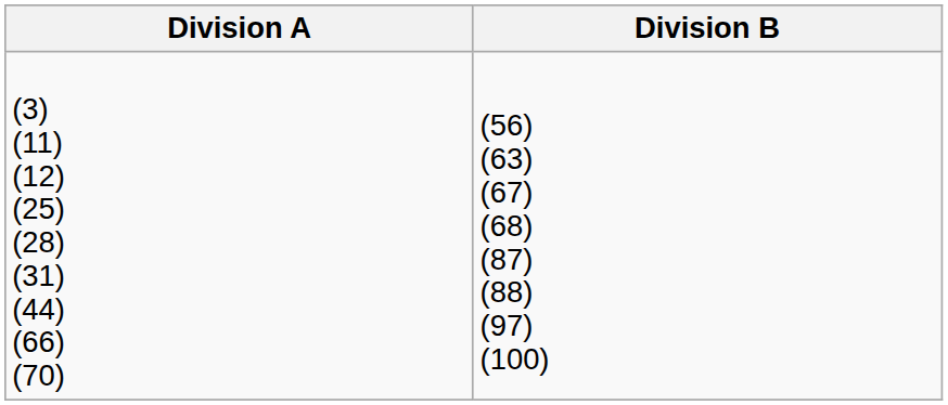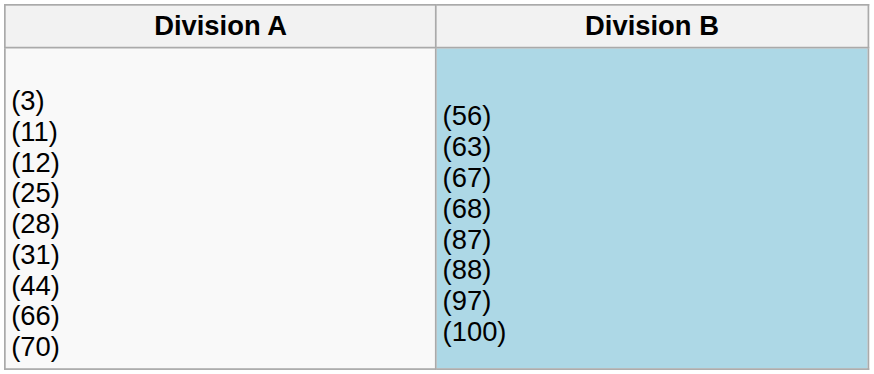 <table class="wikitable" width="40%">
 <tr>
 <th width="50%">Division A</th>
 <th width="50%">Division B</th>
 </tr>
 <tr>
 <td><br> (3)<br>  (11)<br>  (12)<br>  (25)<br>  (28)<br>  (31)<br>  (44)<br>  (66)<br>  (70)<br></td>
-<td><br> (56)<br>  (63)<br>  (67)<br>  (68)<br>  (87)<br>  (88)<br>  (97)<br>  (100)<br></td>
+<td style="background: lightblue;"><br> (56)<br>  (63)<br>  (67)<br>  (68)<br>  (87)<br>  (88)<br>  (97)<br>  (100)<br></td>
 </tr>
 </table>
